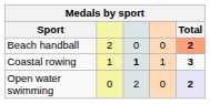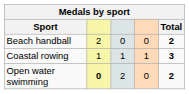 <table class="wikitable" style="font-size:90%; text-align:center;">
 <tr>
 <th colspan="5">Medals by sport</th>
 </tr>
 <tr>
 <th width="120">Sport</th>
 <th scope="col" width="30" style="background:#F7F6A8;"></th>
 <th scope="col" width="30" style="background:#DCE5E5;"></th>
 <th scope="col" width="30" style="background:#FFDAB9;"></th>
 <th width="30">Total</th>
 </tr>
 <tr>
 <td align="left">Beach handball</td>
 <td style="background:#F7F6A8;">2</td>
 <td style="background:#DCE5E5;">0</td>
 <td style="background:#FFDAB9;">0</td>
-<td style="background: lightsalmon;"><strong>2</strong></td>
+<td><strong>2</strong></td>
 </tr>
 <tr>
 <td align="left">Coastal rowing</td>
 <td style="background:#F7F6A8;">1</td>
-<td style="background:#DCE5E5;"><strong>1</strong></td>
+<td style="background:#DCE5E5;">1</td>
 <td style="background:#FFDAB9;">1</td>
 <td><strong>3</strong></td>
 </tr>
 <tr>
 <td align="left">Open water swimming</td>
-<td style="background:#F7F6A8;">0</td>
+<td style="background:#F7F6A8;"><strong>0</strong></td>
 <td style="background:#DCE5E5;">2</td>
 <td style="background:#FFDAB9;">0</td>
-<td style="background: lavender;"><strong>2</strong></td>
+<td><strong>2</strong></td>
 </tr>
 </table>
